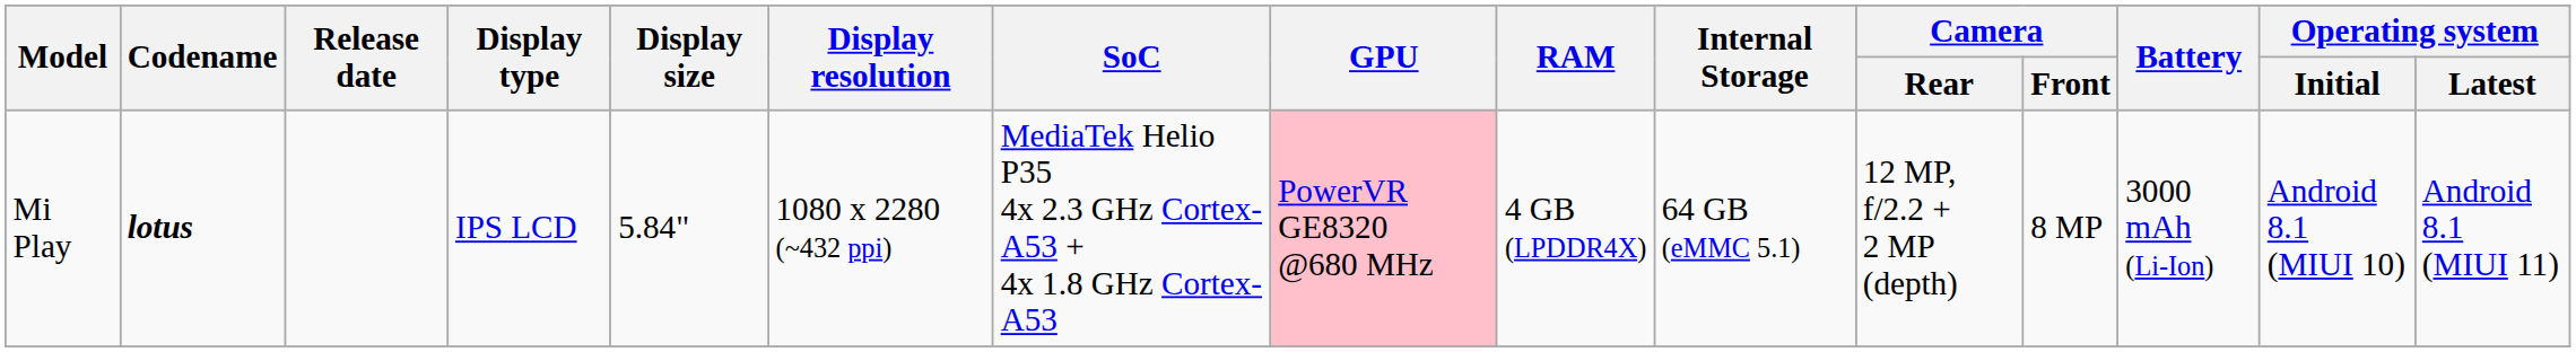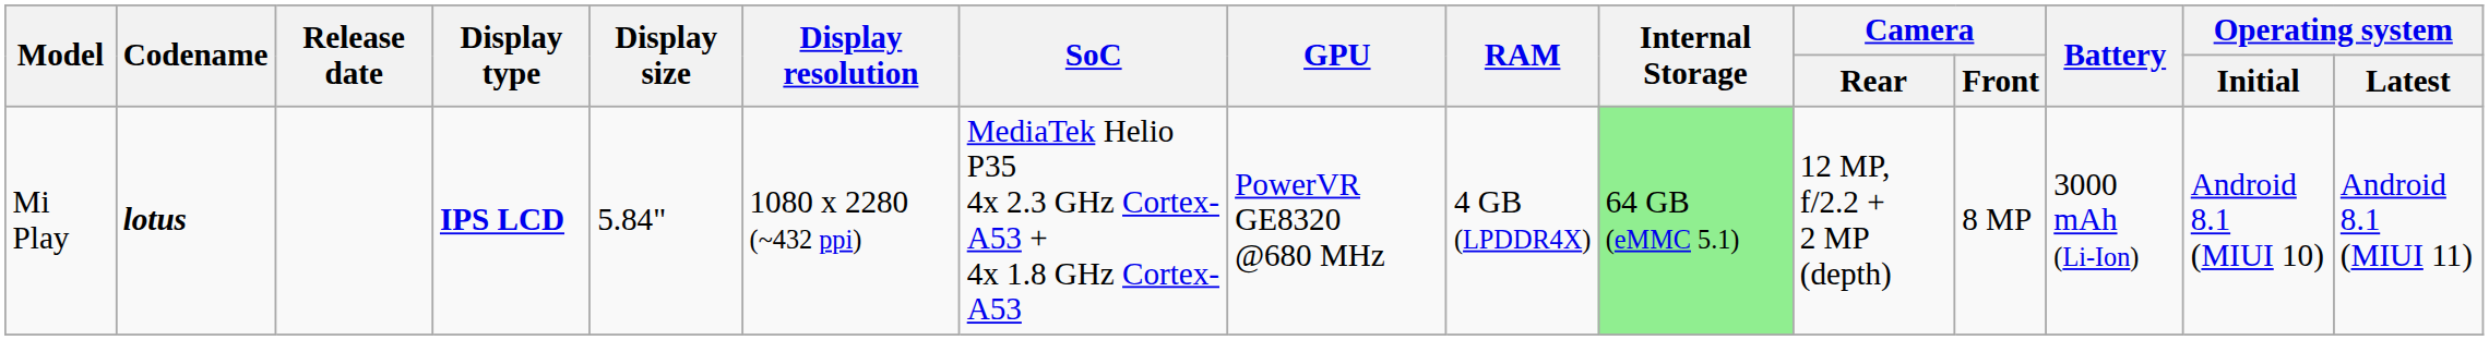 <table class="wikitable sortable mw-collapsible">
 <tr>
 <th rowspan="2">Model</th>
 <th rowspan="2">Codename</th>
 <th rowspan="2">Release date</th>
 <th rowspan="2">Display type</th>
 <th rowspan="2">Display size</th>
 <th rowspan="2"><a href='#'>Display resolution</a></th>
 <th rowspan="2"><a href='#'>SoC</a></th>
 <th rowspan="2"><a href='#'>GPU</a></th>
 <th rowspan="2"><a href='#'>RAM</a></th>
 <th rowspan="2">Internal Storage</th>
 <th colspan="2"><a href='#'>Camera</a></th>
 <th rowspan="2"><a href='#'>Battery</a></th>
 <th colspan="2"><a href='#'>Operating system</a></th>
 </tr>
 <tr>
 <th>Rear</th>
 <th>Front</th>
 <th>Initial</th>
 <th>Latest</th>
 </tr>
 <tr>
 <td>Mi Play</td>
 <td><strong><em>lotus</em></strong></td>
 <td></td>
-<td><a href='#'>IPS LCD</a></td>
+<td><strong><a href='#'>IPS LCD</a></strong></td>
 <td>5.84"</td>
 <td>1080 x 2280<br><small>(~432 <a href='#'>ppi</a>)</small></td>
 <td><a href='#'>MediaTek</a> Helio P35<br>4x 2.3 GHz <a href='#'>Cortex-A53</a> +<br>4x 1.8 GHz <a href='#'>Cortex-A53</a></td>
-<td style="background: pink;"><a href='#'>PowerVR</a> GE8320<br>@680 MHz</td>
+<td><a href='#'>PowerVR</a> GE8320<br>@680 MHz</td>
 <td>4 GB<br><small>(<a href='#'>LPDDR4X</a>)</small></td>
-<td>64 GB<br><small>(<a href='#'>eMMC</a> 5.1)</small></td>
+<td style="background: lightgreen;">64 GB<br><small>(<a href='#'>eMMC</a> 5.1)</small></td>
 <td>12 MP, f/2.2 +<br>2 MP (depth)</td>
 <td>8 MP</td>
 <td>3000 <a href='#'>mAh</a><br><small>(<a href='#'>Li-Ion</a>)</small></td>
 <td><a href='#'>Android 8.1</a><br>(<a href='#'>MIUI</a> 10)</td>
 <td><a href='#'>Android 8.1</a><br>(<a href='#'>MIUI</a> 11)</td>
 </tr>
 </table>
